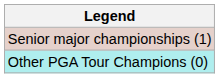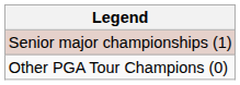 <table class="wikitable" style="font-size:95%;">
 <tr>
 <th>Legend</th>
 </tr>
 <tr style="background:#e5d1cb;">
 <td>Senior major championships (1)</td>
 </tr>
 <tr>
-<td style="background: paleturquoise;">Other PGA Tour Champions (0)</td>
+<td>Other PGA Tour Champions (0)</td>
 </tr>
 </table>
